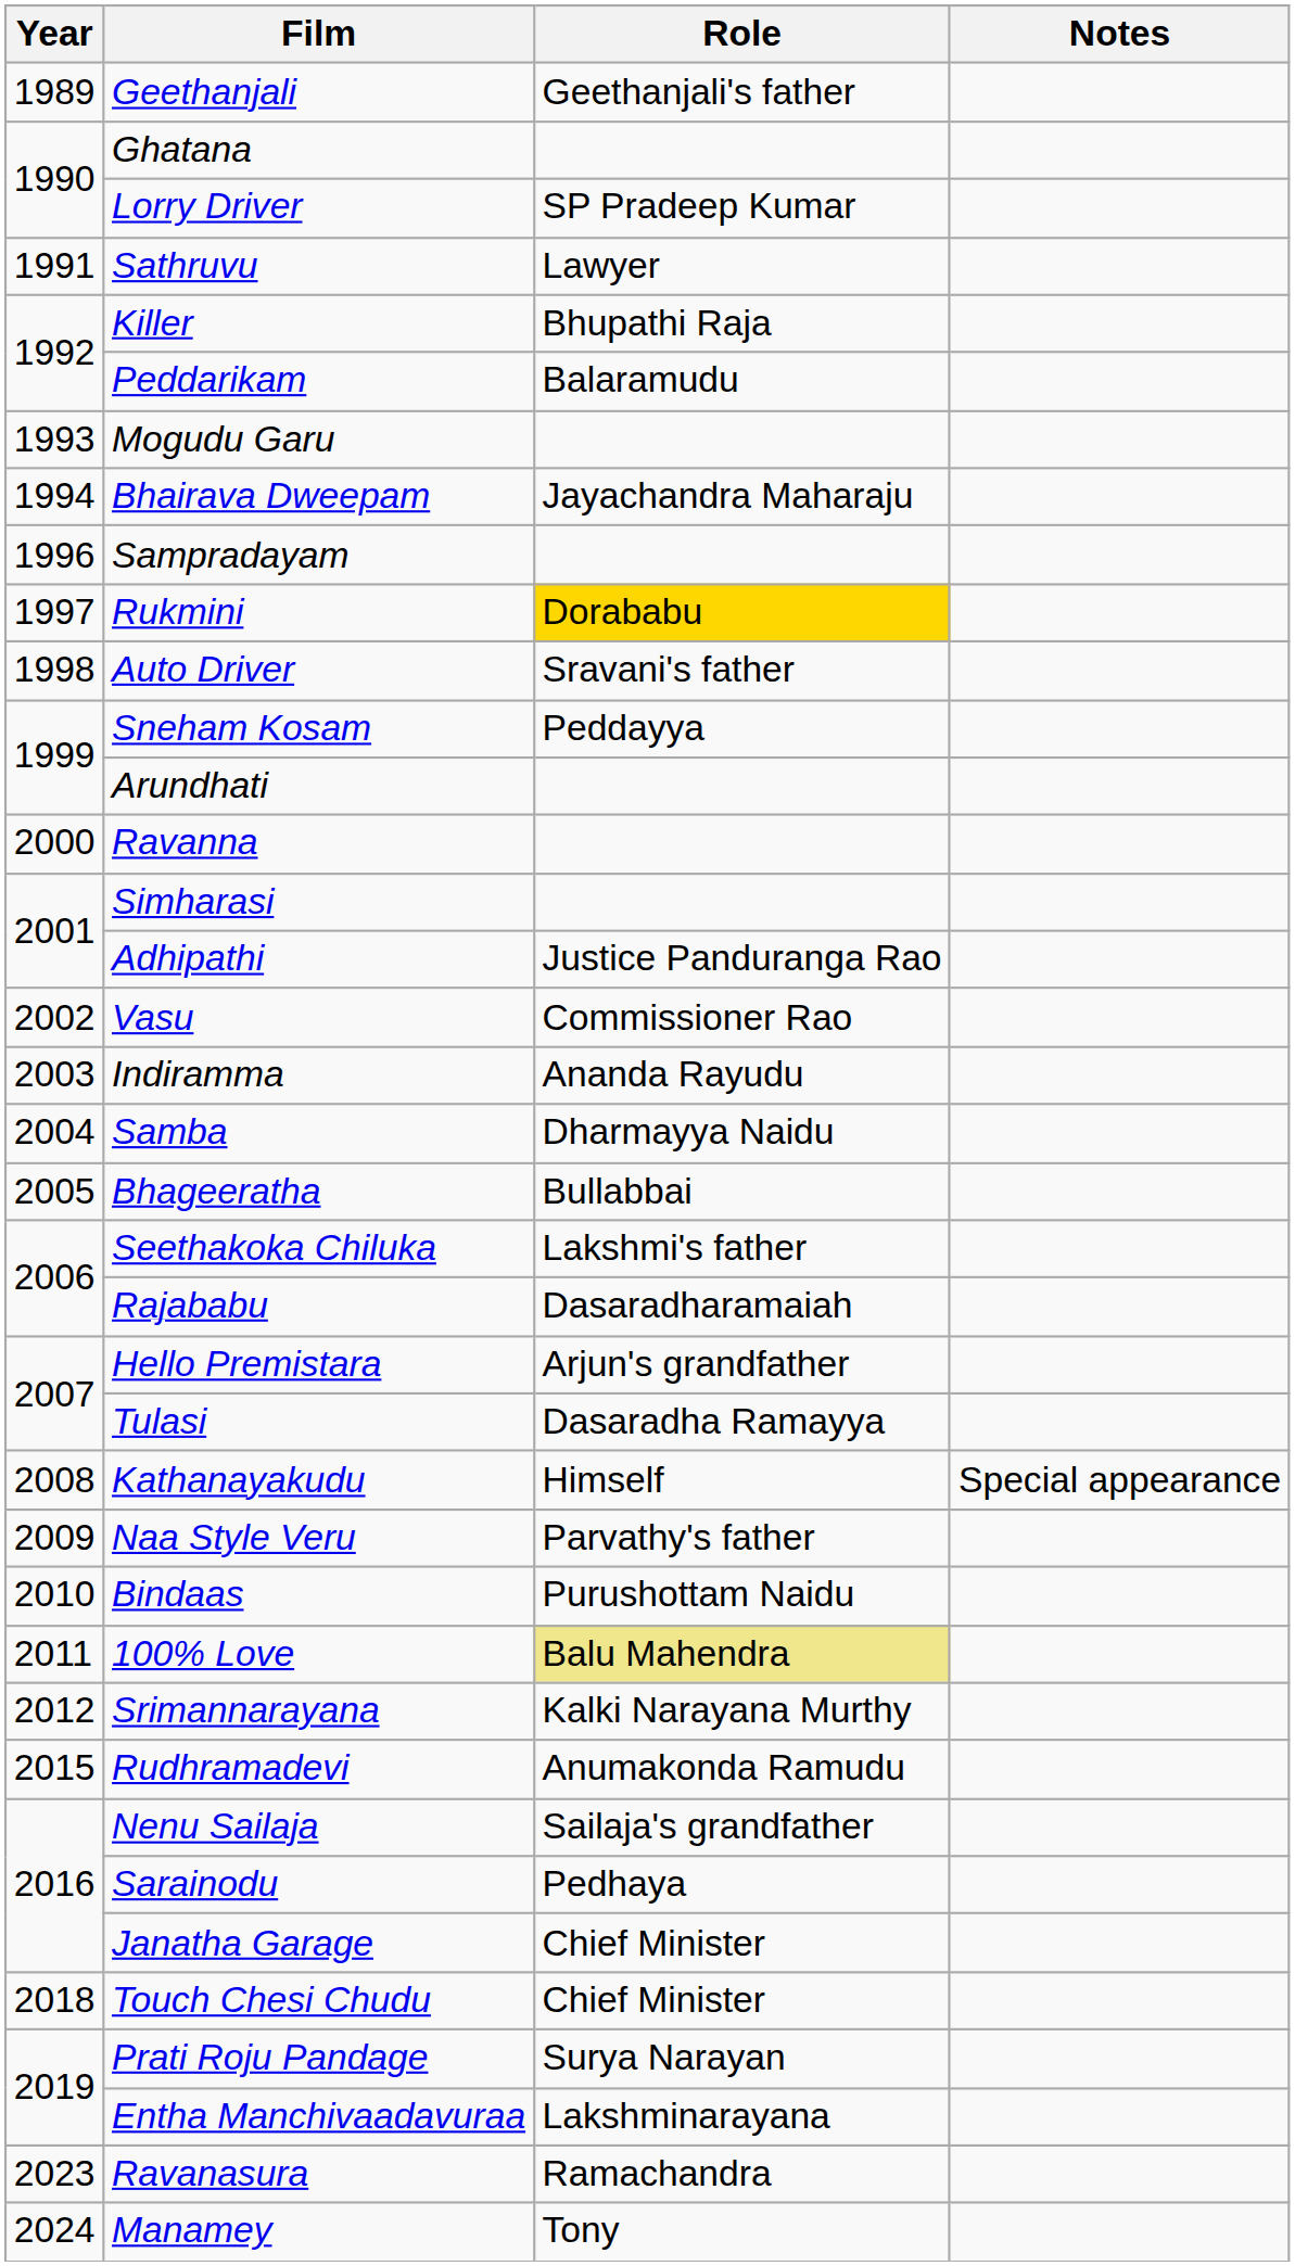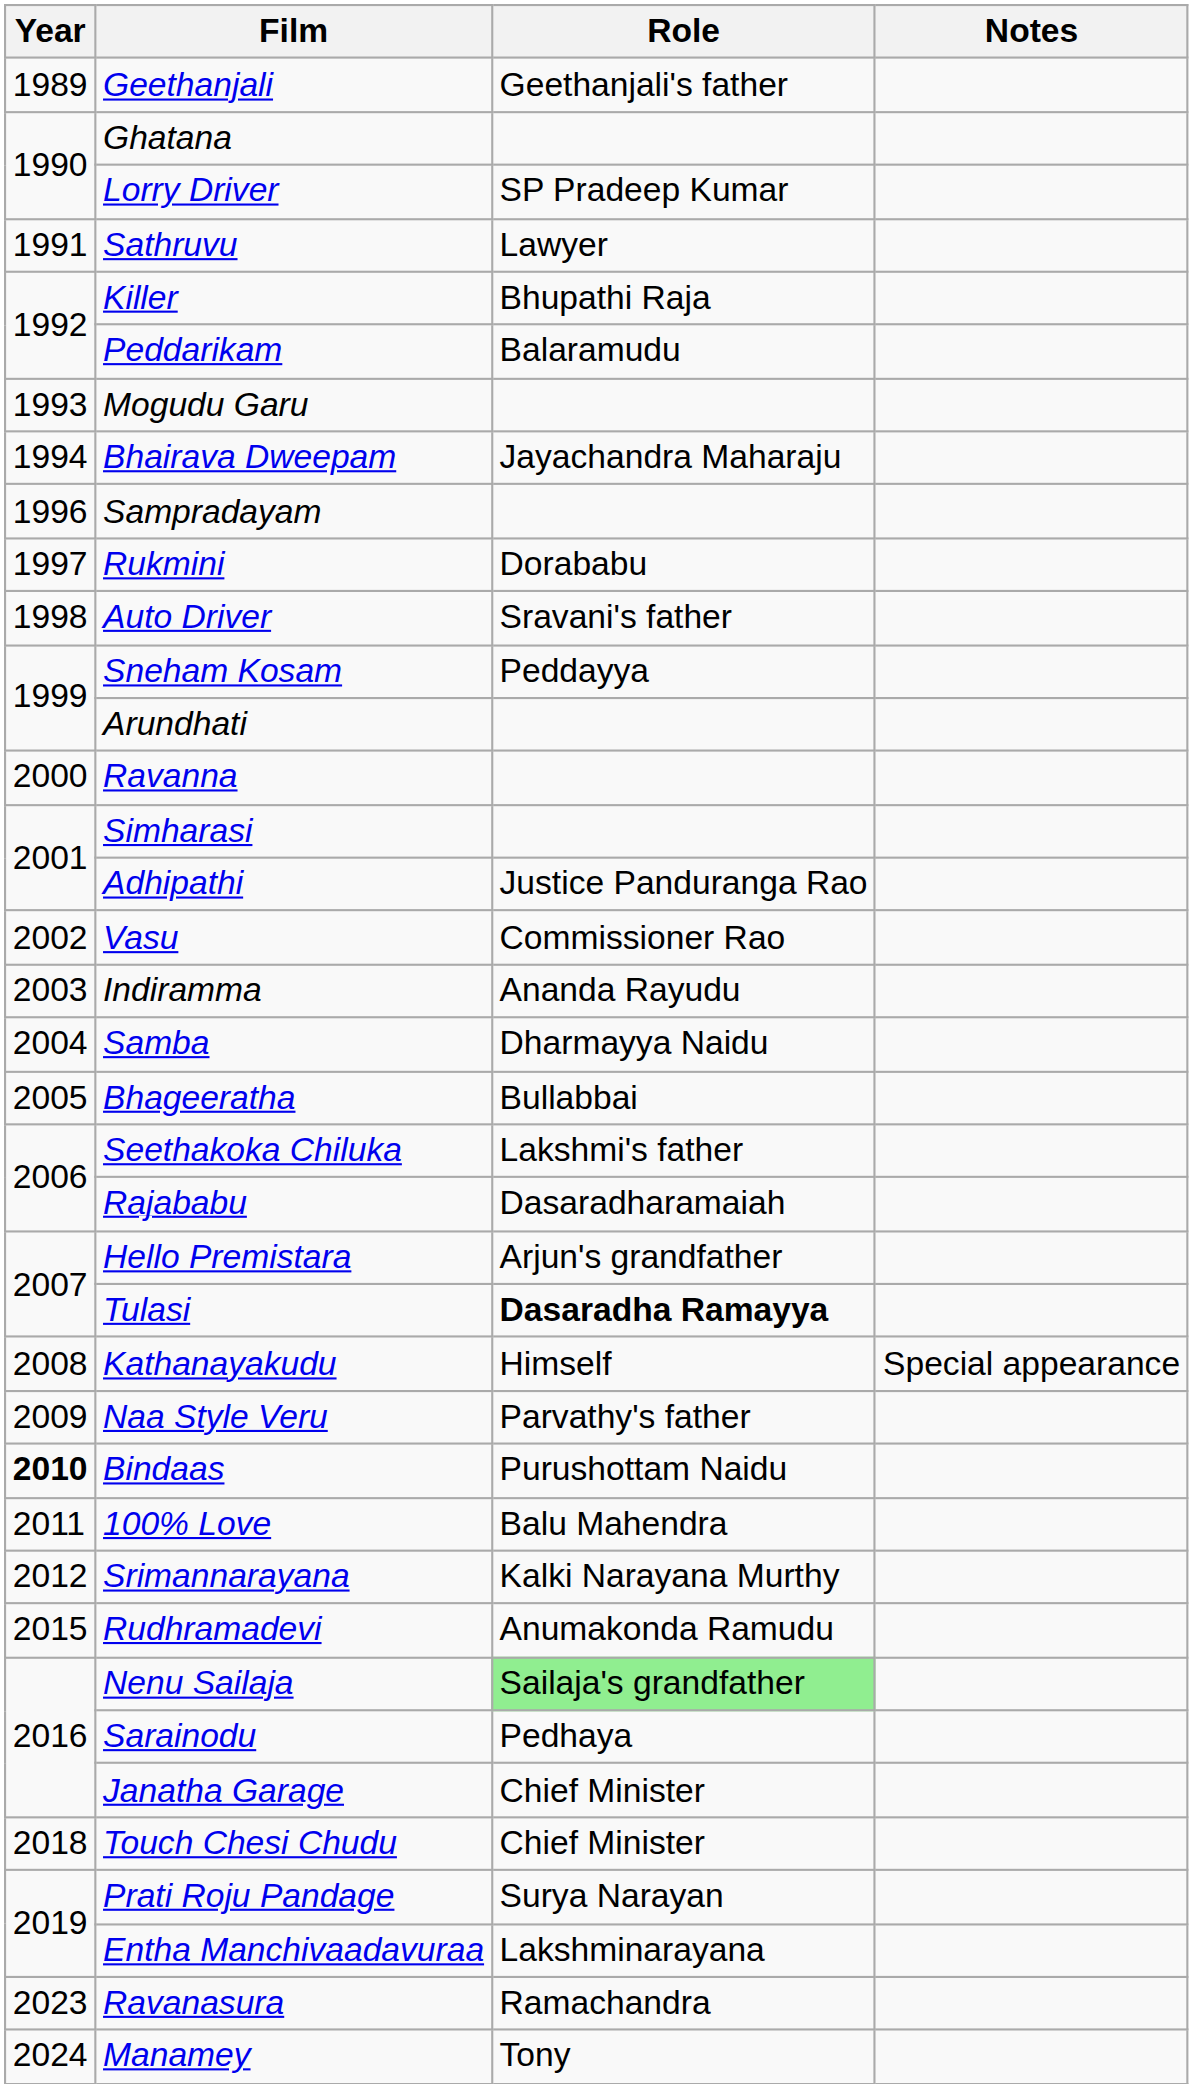 <table class="wikitable">
 <tr>
 <th>Year</th>
 <th>Film</th>
 <th>Role</th>
 <th>Notes</th>
 </tr>
 <tr>
 <td>1989</td>
 <td><em><a href='#'>Geethanjali</a></em></td>
 <td>Geethanjali's father</td>
 <td></td>
 </tr>
 <tr>
 <td rowspan="2">1990</td>
 <td><em>Ghatana</em></td>
 <td></td>
 <td></td>
 </tr>
 <tr>
 <td><em><a href='#'>Lorry Driver</a></em></td>
 <td>SP Pradeep Kumar</td>
 <td></td>
 </tr>
 <tr>
 <td>1991</td>
 <td><em><a href='#'>Sathruvu</a></em></td>
 <td>Lawyer</td>
 <td></td>
 </tr>
 <tr>
 <td rowspan="2">1992</td>
 <td><em><a href='#'>Killer</a></em></td>
 <td>Bhupathi Raja</td>
 <td></td>
 </tr>
 <tr>
 <td><em><a href='#'>Peddarikam</a></em></td>
 <td>Balaramudu</td>
 <td></td>
 </tr>
 <tr>
 <td>1993</td>
 <td><em>Mogudu Garu</em></td>
 <td></td>
 <td></td>
 </tr>
 <tr>
 <td>1994</td>
 <td><em><a href='#'>Bhairava Dweepam</a></em></td>
 <td>Jayachandra Maharaju</td>
 <td></td>
 </tr>
 <tr>
 <td>1996</td>
 <td><em>Sampradayam</em></td>
 <td></td>
 <td></td>
 </tr>
 <tr>
 <td>1997</td>
 <td><em><a href='#'>Rukmini</a></em></td>
-<td style="background: gold;">Dorababu</td>
+<td>Dorababu</td>
 <td></td>
 </tr>
 <tr>
 <td>1998</td>
 <td><em><a href='#'>Auto Driver</a></em></td>
 <td>Sravani's father</td>
 <td></td>
 </tr>
 <tr>
 <td rowspan="2">1999</td>
 <td><em><a href='#'>Sneham Kosam</a></em></td>
 <td>Peddayya</td>
 <td></td>
 </tr>
 <tr>
 <td><em>Arundhati</em></td>
 <td></td>
 <td></td>
 </tr>
 <tr>
 <td>2000</td>
 <td><em><a href='#'>Ravanna</a></em></td>
 <td></td>
 <td></td>
 </tr>
 <tr>
 <td rowspan="2">2001</td>
 <td><em><a href='#'>Simharasi</a></em></td>
 <td></td>
 <td></td>
 </tr>
 <tr>
 <td><em><a href='#'>Adhipathi</a></em></td>
 <td>Justice Panduranga Rao</td>
 <td></td>
 </tr>
 <tr>
 <td>2002</td>
 <td><em><a href='#'>Vasu</a></em></td>
 <td>Commissioner Rao</td>
 <td></td>
 </tr>
 <tr>
 <td>2003</td>
 <td><em>Indiramma</em></td>
 <td>Ananda Rayudu</td>
 <td></td>
 </tr>
 <tr>
 <td>2004</td>
 <td><em><a href='#'>Samba</a></em></td>
 <td>Dharmayya Naidu</td>
 <td></td>
 </tr>
 <tr>
 <td>2005</td>
 <td><em><a href='#'>Bhageeratha</a></em></td>
 <td>Bullabbai</td>
 <td></td>
 </tr>
 <tr>
 <td rowspan="2">2006</td>
 <td><em><a href='#'>Seethakoka Chiluka</a></em></td>
 <td>Lakshmi's father</td>
 <td></td>
 </tr>
 <tr>
 <td><em><a href='#'>Rajababu</a></em></td>
 <td>Dasaradharamaiah</td>
 <td></td>
 </tr>
 <tr>
 <td rowspan="2">2007</td>
 <td><em><a href='#'>Hello Premistara</a></em></td>
 <td>Arjun's grandfather</td>
 <td></td>
 </tr>
 <tr>
 <td><em><a href='#'>Tulasi</a></em></td>
-<td>Dasaradha Ramayya</td>
+<td><strong>Dasaradha Ramayya</strong></td>
 <td></td>
 </tr>
 <tr>
 <td>2008</td>
 <td><em><a href='#'>Kathanayakudu</a></em></td>
 <td>Himself</td>
 <td>Special appearance</td>
 </tr>
 <tr>
 <td>2009</td>
 <td><em><a href='#'>Naa Style Veru</a></em></td>
 <td>Parvathy's father</td>
 <td></td>
 </tr>
 <tr>
-<td>2010</td>
+<td><strong>2010</strong></td>
 <td><em><a href='#'>Bindaas</a></em></td>
 <td>Purushottam Naidu</td>
 <td></td>
 </tr>
 <tr>
 <td>2011</td>
 <td><em><a href='#'>100% Love</a></em></td>
-<td style="background: khaki;">Balu Mahendra</td>
+<td>Balu Mahendra</td>
 <td></td>
 </tr>
 <tr>
 <td>2012</td>
 <td><em><a href='#'>Srimannarayana</a></em></td>
 <td>Kalki Narayana Murthy</td>
 <td></td>
 </tr>
 <tr>
 <td>2015</td>
 <td><em><a href='#'>Rudhramadevi</a></em></td>
 <td>Anumakonda Ramudu</td>
 <td></td>
 </tr>
 <tr>
 <td rowspan="3">2016</td>
 <td><em><a href='#'>Nenu Sailaja</a></em></td>
-<td>Sailaja's grandfather</td>
+<td style="background: lightgreen;">Sailaja's grandfather</td>
 <td></td>
 </tr>
 <tr>
 <td><em><a href='#'>Sarainodu</a></em></td>
 <td>Pedhaya</td>
 <td></td>
 </tr>
 <tr>
 <td><em><a href='#'>Janatha Garage</a></em></td>
 <td>Chief Minister</td>
 <td></td>
 </tr>
 <tr>
 <td>2018</td>
 <td><em><a href='#'>Touch Chesi Chudu</a></em></td>
 <td>Chief Minister</td>
 <td></td>
 </tr>
 <tr>
 <td rowspan="2">2019</td>
 <td><em><a href='#'>Prati Roju Pandage</a></em></td>
 <td>Surya Narayan</td>
 <td></td>
 </tr>
 <tr>
 <td><em><a href='#'>Entha Manchivaadavuraa</a></em></td>
 <td>Lakshminarayana</td>
 <td></td>
 </tr>
 <tr>
 <td>2023</td>
 <td><em><a href='#'>Ravanasura</a></em></td>
 <td>Ramachandra</td>
 <td></td>
 </tr>
 <tr>
 <td>2024</td>
 <td><em><a href='#'>Manamey</a></em></td>
 <td>Tony</td>
 <td></td>
 </tr>
 </table>
